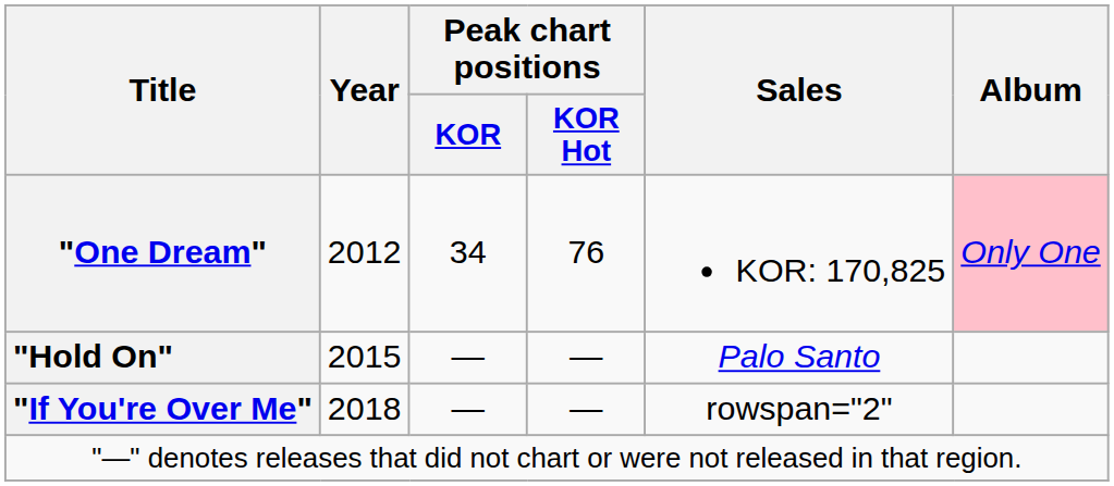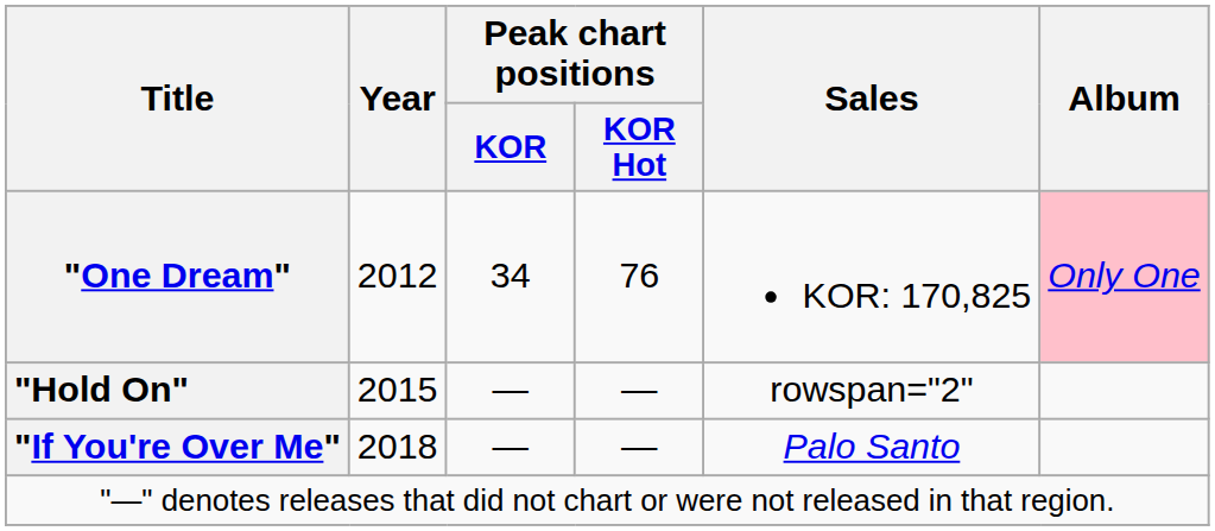 <table class="wikitable plainrowheaders" style="text-align:center;">
 <tr>
 <th scope="col" rowspan="2">Title</th>
 <th scope="col" rowspan="2">Year</th>
 <th scope="col" colspan="2">Peak chart positions</th>
 <th scope="col" rowspan="2">Sales</th>
 <th scope="col" rowspan="2">Album</th>
 </tr>
 <tr>
 <th scope="col" style="width:3.5em;font-size:90%;"><a href='#'>KOR</a><br></th>
 <th scope="col" style="width:3.5em;font-size:90%;"><a href='#'>KOR<br>Hot</a><br></th>
 </tr>
 <tr>
 <th scope="row">"<a href='#'>One Dream</a>"<br></th>
 <td>2012</td>
 <td>34</td>
 <td>76</td>
 <td><br><ul><li>KOR: 170,825</li></ul></td>
 <td style="background: pink;"><em><a href='#'>Only One</a></em></td>
 </tr>
 <tr>
 <th scope="row" style="text-align: left">"Hold On"<br></th>
 <td>2015</td>
 <td>—</td>
 <td>—</td>
-<td><em><a href='#'>Palo Santo</a></em></td>
+<td>rowspan="2" </td>
 <td></td>
 </tr>
 <tr>
 <th scope="row" style="text-align: left">"<a href='#'>If You're Over Me</a>" <br></th>
 <td>2018</td>
 <td>—</td>
 <td>—</td>
-<td>rowspan="2" </td>
+<td><em><a href='#'>Palo Santo</a></em></td>
 </tr>
 <tr>
 <td colspan="6" style="text-align:center; font-size:85%">"—" denotes releases that did not chart or were not released in that region.</td>
 </tr>
 </table>
